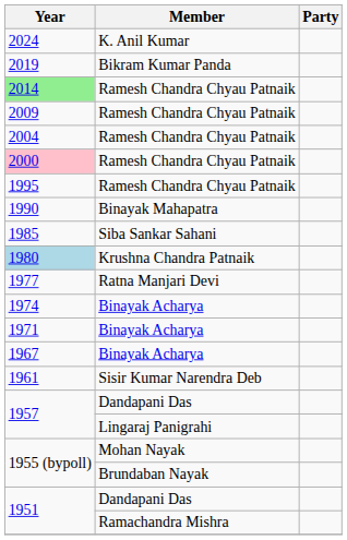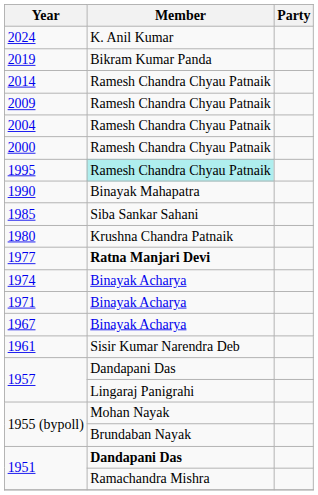 <table class="wikitable sortable">
 <tr>
 <th>Year</th>
 <th>Member</th>
 <th colspan="2">Party</th>
 </tr>
 <tr>
 <td><a href='#'>2024</a></td>
 <td>K. Anil Kumar</td>
 <td></td>
 </tr>
 <tr>
 <td><a href='#'>2019</a></td>
 <td>Bikram Kumar Panda</td>
 <td></td>
 </tr>
 <tr>
-<td style="background: lightgreen;"><a href='#'>2014</a></td>
+<td><a href='#'>2014</a></td>
 <td>Ramesh Chandra Chyau Patnaik</td>
 <td></td>
 </tr>
 <tr>
 <td><a href='#'>2009</a></td>
 <td>Ramesh Chandra Chyau Patnaik</td>
 <td></td>
 </tr>
 <tr>
 <td><a href='#'>2004</a></td>
 <td>Ramesh Chandra Chyau Patnaik</td>
 <td></td>
 </tr>
 <tr>
-<td style="background: pink;"><a href='#'>2000</a></td>
+<td><a href='#'>2000</a></td>
 <td>Ramesh Chandra Chyau Patnaik</td>
 <td></td>
 </tr>
 <tr>
 <td><a href='#'>1995</a></td>
-<td>Ramesh Chandra Chyau Patnaik</td>
+<td style="background: paleturquoise;">Ramesh Chandra Chyau Patnaik</td>
 <td></td>
 </tr>
 <tr>
 <td><a href='#'>1990</a></td>
 <td>Binayak Mahapatra</td>
 <td></td>
 </tr>
 <tr>
 <td><a href='#'>1985</a></td>
 <td>Siba Sankar Sahani</td>
 <td></td>
 </tr>
 <tr>
-<td style="background: lightblue;"><a href='#'>1980</a></td>
+<td><a href='#'>1980</a></td>
 <td>Krushna Chandra Patnaik</td>
 <td></td>
 </tr>
 <tr>
 <td><a href='#'>1977</a></td>
-<td>Ratna Manjari Devi</td>
+<td><strong>Ratna Manjari Devi</strong></td>
 <td></td>
 </tr>
 <tr>
 <td><a href='#'>1974</a></td>
 <td><a href='#'>Binayak Acharya</a></td>
 <td></td>
 </tr>
 <tr>
 <td><a href='#'>1971</a></td>
 <td><a href='#'>Binayak Acharya</a></td>
 <td></td>
 </tr>
 <tr>
 <td><a href='#'>1967</a></td>
 <td><a href='#'>Binayak Acharya</a></td>
 <td></td>
 </tr>
 <tr>
 <td><a href='#'>1961</a></td>
 <td>Sisir Kumar Narendra Deb</td>
 <td></td>
 </tr>
 <tr>
 <td rowspan="2"><a href='#'>1957</a></td>
 <td>Dandapani Das</td>
 <td></td>
 </tr>
 <tr>
 <td>Lingaraj Panigrahi</td>
 <td></td>
 </tr>
 <tr>
 <td rowspan="2">1955 (bypoll)</td>
 <td>Mohan Nayak</td>
 <td></td>
 </tr>
 <tr>
 <td>Brundaban Nayak</td>
 <td></td>
 </tr>
 <tr>
 <td rowspan="2"><a href='#'>1951</a></td>
-<td>Dandapani Das</td>
+<td><strong>Dandapani Das</strong></td>
 <td></td>
 </tr>
 <tr>
 <td>Ramachandra Mishra</td>
 <td></td>
 </tr>
 <tr>
 </tr>
 </table>
